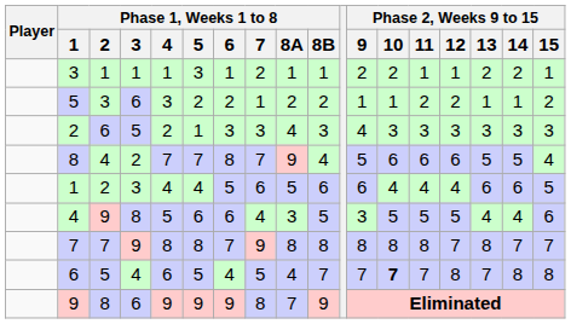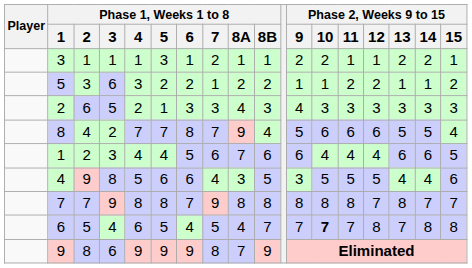 <table class="wikitable">
 <tr style="font-size:10pt;font-weight:bold">
 <th rowspan=2>Player</th>
 <th colspan=9>Phase 1, Weeks 1 to 8</th>
 <th rowspan=12></th>
 <th colspan=7>Phase 2, Weeks 9 to 15</th>
 </tr>
 <tr>
 <th style="width:20px;">1</th>
 <th style="width:20px;">2</th>
 <th style="width:20px;">3</th>
 <th style="width:20px;">4</th>
 <th style="width:20px;">5</th>
 <th style="width:20px;">6</th>
 <th style="width:20px;">7</th>
 <th style="width:20px;">8A</th>
 <th style="width:20px;">8B</th>
 <th style="width:20px;">9</th>
 <th style="width:20px;">10</th>
 <th style="width:20px;">11</th>
 <th style="width:20px;">12</th>
 <th style="width:20px;">13</th>
 <th style="width:20px;">14</th>
 <th style="width:20px;">15</th>
 </tr>
 <tr>
 <td> </td>
 <td style="text-align:center; background:#cfc;">3</td>
 <td style="text-align:center; background:#cfc;">1</td>
 <td style="text-align:center; background:#cfc;">1</td>
 <td style="text-align:center; background:#cfc;">1</td>
 <td style="text-align:center; background:#cfc;">3</td>
 <td style="text-align:center; background:#cfc;">1</td>
 <td style="text-align:center; background:#cfc;">2</td>
 <td style="text-align:center; background:#cfc;">1</td>
 <td style="text-align:center; background:#cfc;">1</td>
 <td style="text-align:center; background:#cfc;">2</td>
 <td style="text-align:center; background:#cfc;">2</td>
 <td style="text-align:center; background:#cfc;">1</td>
 <td style="text-align:center; background:#cfc;">1</td>
 <td style="text-align:center; background:#cfc;">2</td>
 <td style="text-align:center; background:#cfc;">2</td>
 <td style="text-align:center; background:#cfc;">1</td>
 </tr>
 <tr>
 <td> </td>
 <td style="text-align:center; background:#cccffc;">5</td>
 <td style="text-align:center; background:#cfc;">3</td>
 <td style="text-align:center; background:#cccffc;">6</td>
 <td style="text-align:center; background:#cfc;">3</td>
 <td style="text-align:center; background:#cfc;">2</td>
 <td style="text-align:center; background:#cfc;">2</td>
 <td style="text-align:center; background:#cfc;">1</td>
 <td style="text-align:center; background:#cfc;">2</td>
 <td style="text-align:center; background:#cfc;">2</td>
 <td style="text-align:center; background:#cfc;">1</td>
 <td style="text-align:center; background:#cfc;">1</td>
 <td style="text-align:center; background:#cfc;">2</td>
 <td style="text-align:center; background:#cfc;">2</td>
 <td style="text-align:center; background:#cfc;">1</td>
 <td style="text-align:center; background:#cfc;">1</td>
 <td style="text-align:center; background:#cfc;">2</td>
 </tr>
 <tr>
 <td> </td>
 <td style="text-align:center; background:#cfc;">2</td>
 <td style="text-align:center; background:#cccffc;">6</td>
 <td style="text-align:center; background:#cccffc;">5</td>
 <td style="text-align:center; background:#cfc;">2</td>
 <td style="text-align:center; background:#cfc;">1</td>
 <td style="text-align:center; background:#cfc;">3</td>
 <td style="text-align:center; background:#cfc;">3</td>
 <td style="text-align:center; background:#cfc;">4</td>
 <td style="text-align:center; background:#cfc;">3</td>
 <td style="text-align:center; background:#cfc;">4</td>
 <td style="text-align:center; background:#cfc;">3</td>
 <td style="text-align:center; background:#cfc;">3</td>
 <td style="text-align:center; background:#cfc;">3</td>
 <td style="text-align:center; background:#cfc;">3</td>
 <td style="text-align:center; background:#cfc;">3</td>
 <td style="text-align:center; background:#cfc;">3</td>
 </tr>
 <tr>
 <td> </td>
 <td style="text-align:center; background:#cccffc;">8</td>
 <td style="text-align:center; background:#cfc;">4</td>
 <td style="text-align:center; background:#cfc;">2</td>
 <td style="text-align:center; background:#cccffc;">7</td>
 <td style="text-align:center; background:#cccffc;">7</td>
 <td style="text-align:center; background:#cccffc;">8</td>
 <td style="text-align:center; background:#cccffc;">7</td>
 <td style="text-align:center; background:#fcc;">9</td>
 <td style="text-align:center; background:#cfc;">4</td>
 <td style="text-align:center; background:#cccffc;">5</td>
 <td style="text-align:center; background:#cccffc;">6</td>
 <td style="text-align:center; background:#cccffc;">6</td>
 <td style="text-align:center; background:#cccffc;">6</td>
 <td style="text-align:center; background:#cccffc;">5</td>
 <td style="text-align:center; background:#cccffc;">5</td>
 <td style="text-align:center; background:#cfc;">4</td>
 </tr>
 <tr>
 <td> </td>
 <td style="text-align:center; background:#cfc;">1</td>
 <td style="text-align:center; background:#cfc;">2</td>
 <td style="text-align:center; background:#cfc;">3</td>
 <td style="text-align:center; background:#cfc;">4</td>
 <td style="text-align:center; background:#cfc;">4</td>
 <td style="text-align:center; background:#cccffc;">5</td>
 <td style="text-align:center; background:#cccffc;">6</td>
-<td style="text-align:center; background:#cccffc;">5</td>
+<td style="text-align:center; background:#cccffc;">7</td>
 <td style="text-align:center; background:#cccffc;">6</td>
 <td style="text-align:center; background:#cccffc;">6</td>
 <td style="text-align:center; background:#cfc;">4</td>
 <td style="text-align:center; background:#cfc;">4</td>
 <td style="text-align:center; background:#cfc;">4</td>
 <td style="text-align:center; background:#cccffc;">6</td>
 <td style="text-align:center; background:#cccffc;">6</td>
 <td style="text-align:center; background:#cccffc;">5</td>
 </tr>
 <tr>
 <td> </td>
 <td style="text-align:center; background:#cfc;">4</td>
 <td style="text-align:center; background:#fcc;">9</td>
 <td style="text-align:center; background:#cccffc;">8</td>
 <td style="text-align:center; background:#cccffc;">5</td>
 <td style="text-align:center; background:#cccffc;">6</td>
 <td style="text-align:center; background:#cccffc;">6</td>
 <td style="text-align:center; background:#cfc;">4</td>
 <td style="text-align:center; background:#cfc;">3</td>
 <td style="text-align:center; background:#cccffc;">5</td>
 <td style="text-align:center; background:#cfc;">3</td>
 <td style="text-align:center; background:#cccffc;">5</td>
 <td style="text-align:center; background:#cccffc;">5</td>
 <td style="text-align:center; background:#cccffc;">5</td>
 <td style="text-align:center; background:#cfc;">4</td>
 <td style="text-align:center; background:#cfc;">4</td>
 <td style="text-align:center; background:#cccffc;">6</td>
 </tr>
 <tr>
 <td> </td>
 <td style="text-align:center; background:#cccffc;">7</td>
 <td style="text-align:center; background:#cccffc;">7</td>
 <td style="text-align:center; background:#fcc;">9</td>
 <td style="text-align:center; background:#cccffc;">8</td>
 <td style="text-align:center; background:#cccffc;">8</td>
 <td style="text-align:center; background:#cccffc;">7</td>
 <td style="text-align:center; background:#fcc;">9</td>
 <td style="text-align:center; background:#cccffc;">8</td>
 <td style="text-align:center; background:#cccffc;">8</td>
 <td style="text-align:center; background:#cccffc;">8</td>
 <td style="text-align:center; background:#cccffc;">8</td>
 <td style="text-align:center; background:#cccffc;">8</td>
 <td style="text-align:center; background:#cccffc;">7</td>
 <td style="text-align:center; background:#cccffc;">8</td>
 <td style="text-align:center; background:#cccffc;">7</td>
 <td style="text-align:center; background:#cccffc;">7</td>
 </tr>
 <tr>
 <td> </td>
 <td style="text-align:center; background:#cccffc;">6</td>
 <td style="text-align:center; background:#cccffc;">5</td>
 <td style="text-align:center; background:#cfc;">4</td>
 <td style="text-align:center; background:#cccffc;">6</td>
 <td style="text-align:center; background:#cccffc;">5</td>
 <td style="text-align:center; background:#cfc;">4</td>
 <td style="text-align:center; background:#cccffc;">5</td>
 <td style="text-align:center; background:#cccffc;">4</td>
 <td style="text-align:center; background:#cccffc;">7</td>
 <td style="text-align:center; background:#cccffc;">7</td>
 <td style="text-align:center; background:#cccffc;"><strong>7</strong></td>
 <td style="text-align:center; background:#cccffc;">7</td>
 <td style="text-align:center; background:#cccffc;">8</td>
 <td style="text-align:center; background:#cccffc;">7</td>
 <td style="text-align:center; background:#cccffc;">8</td>
 <td style="text-align:center; background:#cccffc;">8</td>
 </tr>
 <tr>
 <td></td>
 <td style="text-align:center; background:#fcc;">9</td>
 <td style="text-align:center; background:#cccffc;">8</td>
 <td style="text-align:center; background:#cccffc;">6</td>
 <td style="text-align:center; background:#fcc;">9</td>
 <td style="text-align:center; background:#fcc;">9</td>
 <td style="text-align:center; background:#fcc;">9</td>
 <td style="text-align:center; background:#cccffc;">8</td>
 <td style="text-align:center; background:#cccffc;">7</td>
 <td style="text-align:center; background:#fcc;">9</td>
 <td align=center bgcolor="#ffcccc" colspan=7><strong>Eliminated</strong></td>
 </tr>
 </table>
